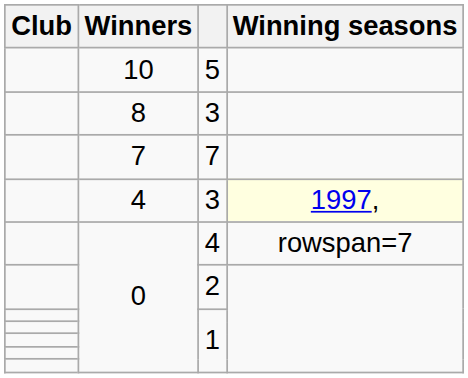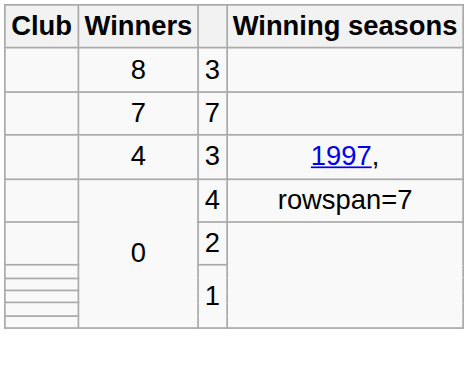 <table class="wikitable sortable">
 <tr>
 <th>Club</th>
 <th>Winners</th>
 <th></th>
 <th>Winning seasons</th>
-</tr>
-<tr>
-<td style="text-align:center"></td>
-<td style="text-align:center">10</td>
-<td style="text-align:center">5</td>
-<td></td>
 </tr>
 <tr align="center">
 <td></td>
 <td>8</td>
 <td>3</td>
 <td></td>
 </tr>
 <tr align="center">
 <td></td>
 <td>7</td>
 <td>7</td>
 <td></td>
 </tr>
 <tr align="center">
 <td></td>
 <td>4</td>
 <td>3</td>
-<td style="background: lightyellow;"><a href='#'>1997</a>, </td>
+<td><a href='#'>1997</a>, </td>
 </tr>
 <tr align="center">
 <td></td>
 <td rowspan=7>0</td>
 <td>4</td>
 <td>rowspan=7 </td>
 </tr>
 <tr align="center">
 <td></td>
 <td>2</td>
 </tr>
 <tr align="center">
 <td></td>
 <td rowspan=5>1</td>
 </tr>
 <tr align="center">
 <td></td>
 </tr>
 <tr align="center">
 <td></td>
 </tr>
 <tr align="center">
 <td></td>
 </tr>
 <tr align="center">
 <td></td>
 </tr>
 </table>
